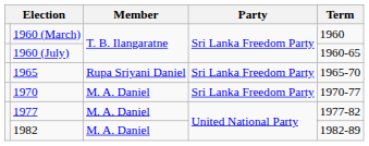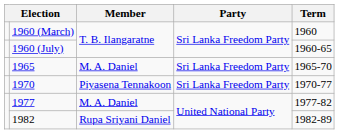 <table class="wikitable">
 <tr>
 <th colspan="2">Election</th>
 <th>Member</th>
 <th>Party</th>
 <th>Term</th>
 </tr>
 <tr>
 <td style="background-color: "></td>
 <td><a href='#'>1960 (March)</a></td>
 <td rowspan=2><a href='#'>T. B. Ilangaratne</a></td>
 <td rowspan=2><a href='#'>Sri Lanka Freedom Party</a></td>
 <td>1960</td>
 </tr>
 <tr>
 <td style="background-color: "></td>
 <td><a href='#'>1960 (July)</a></td>
 <td>1960-65</td>
 </tr>
 <tr>
 <td style="background-color: "></td>
 <td><a href='#'>1965</a></td>
-<td><a href='#'>Rupa Sriyani Daniel</a></td>
+<td><a href='#'>M. A. Daniel</a></td>
 <td><a href='#'>Sri Lanka Freedom Party</a></td>
 <td>1965-70</td>
 </tr>
 <tr>
 <td style="background-color: "></td>
 <td><a href='#'>1970</a></td>
-<td><a href='#'>M. A. Daniel</a></td>
+<td><a href='#'>Piyasena Tennakoon</a></td>
 <td><a href='#'>Sri Lanka Freedom Party</a></td>
 <td>1970-77</td>
 </tr>
 <tr>
 <td rowspan="2" style="background-color: "></td>
 <td><a href='#'>1977</a></td>
 <td><a href='#'>M. A. Daniel</a></td>
 <td rowspan="2"><a href='#'>United National Party</a></td>
 <td>1977-82</td>
 </tr>
 <tr>
 <td>1982</td>
-<td><a href='#'>M. A. Daniel</a></td>
+<td><a href='#'>Rupa Sriyani Daniel</a></td>
 <td>1982-89</td>
 </tr>
 </table>
